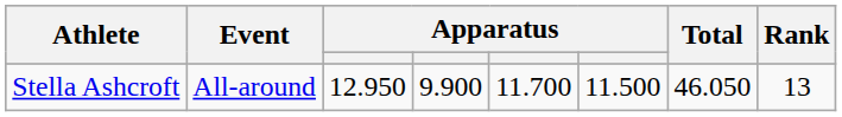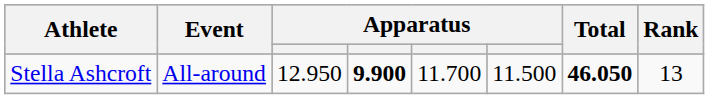 <table class="wikitable" style="font-size:90%">
 <tr>
 <th rowspan=2>Athlete</th>
 <th rowspan=2>Event</th>
 <th colspan=4>Apparatus</th>
 <th rowspan=2>Total</th>
 <th rowspan=2>Rank</th>
 </tr>
 <tr style="font-size:95%">
 <th></th>
 <th></th>
 <th></th>
 <th></th>
 </tr>
 <tr align=center>
 <td align=left><a href='#'>Stella Ashcroft</a></td>
 <td align=left><a href='#'>All-around</a></td>
 <td>12.950</td>
-<td>9.900</td>
+<td><strong>9.900</strong></td>
 <td>11.700</td>
 <td>11.500</td>
-<td>46.050</td>
+<td><strong>46.050</strong></td>
 <td>13</td>
 </tr>
 </table>
